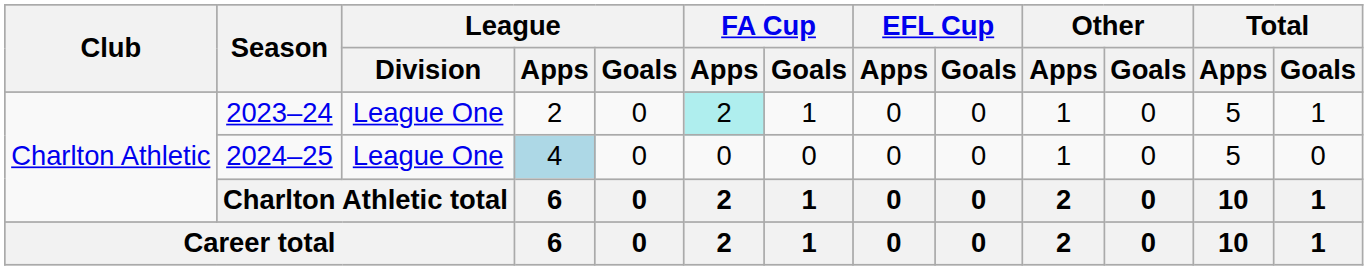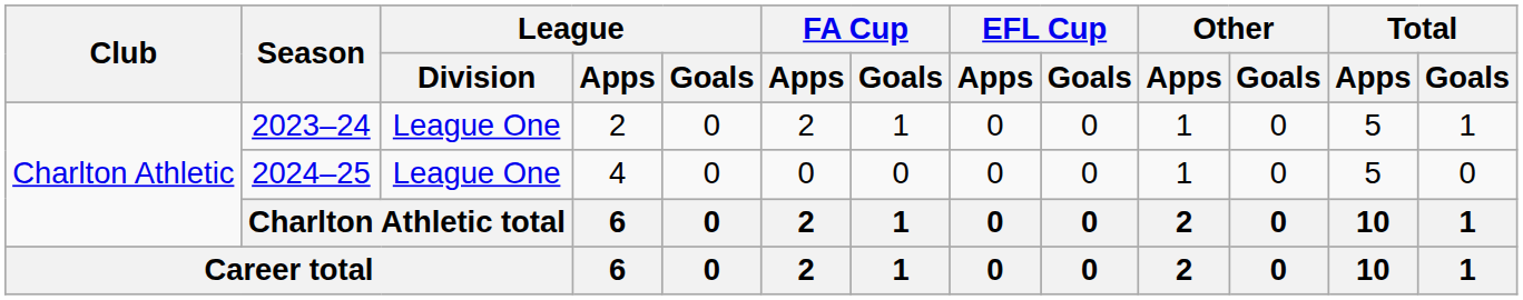 <table class="wikitable" style="text-align: center;">
 <tr>
 <th rowspan="2">Club</th>
 <th rowspan="2">Season</th>
 <th colspan="3">League</th>
 <th colspan="2"><a href='#'>FA Cup</a></th>
 <th colspan="2"><a href='#'>EFL Cup</a></th>
 <th colspan="2">Other</th>
 <th colspan="2">Total</th>
 </tr>
 <tr>
 <th>Division</th>
 <th>Apps</th>
 <th>Goals</th>
 <th>Apps</th>
 <th>Goals</th>
 <th>Apps</th>
 <th>Goals</th>
 <th>Apps</th>
 <th>Goals</th>
 <th>Apps</th>
 <th>Goals</th>
 </tr>
 <tr>
 <td rowspan="3"><a href='#'>Charlton Athletic</a></td>
 <td><a href='#'>2023–24</a></td>
 <td><a href='#'>League One</a></td>
 <td>2</td>
 <td>0</td>
-<td style="background: paleturquoise;">2</td>
+<td>2</td>
 <td>1</td>
 <td>0</td>
 <td>0</td>
 <td>1</td>
 <td>0</td>
 <td>5</td>
 <td>1</td>
 </tr>
 <tr>
 <td><a href='#'>2024–25</a></td>
 <td><a href='#'>League One</a></td>
-<td style="background: lightblue;">4</td>
+<td>4</td>
 <td>0</td>
 <td>0</td>
 <td>0</td>
 <td>0</td>
 <td>0</td>
 <td>1</td>
 <td>0</td>
 <td>5</td>
 <td>0</td>
 </tr>
 <tr>
 <th colspan=2>Charlton Athletic total</th>
 <th>6</th>
 <th>0</th>
 <th>2</th>
 <th>1</th>
 <th>0</th>
 <th>0</th>
 <th>2</th>
 <th>0</th>
 <th>10</th>
 <th>1</th>
 </tr>
 <tr>
 <th colspan="3">Career total</th>
 <th>6</th>
 <th>0</th>
 <th>2</th>
 <th>1</th>
 <th>0</th>
 <th>0</th>
 <th>2</th>
 <th>0</th>
 <th>10</th>
 <th>1</th>
 </tr>
 </table>
